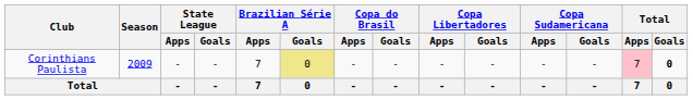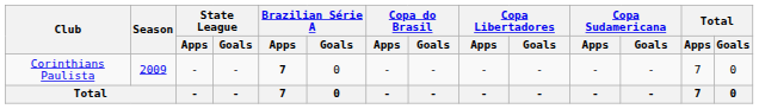 <table class="wikitable" style="text-align: center;">
 <tr>
 <th rowspan="2">Club</th>
 <th rowspan="2">Season</th>
 <th colspan="2">State League</th>
 <th colspan="2"><a href='#'>Brazilian Série A</a></th>
 <th colspan="2"><a href='#'>Copa do Brasil</a></th>
 <th colspan="2"><a href='#'>Copa Libertadores</a></th>
 <th colspan="2"><a href='#'>Copa Sudamericana</a></th>
 <th colspan="2">Total</th>
 </tr>
 <tr>
 <th>Apps</th>
 <th>Goals</th>
 <th>Apps</th>
 <th>Goals</th>
 <th>Apps</th>
 <th>Goals</th>
 <th>Apps</th>
 <th>Goals</th>
 <th>Apps</th>
 <th>Goals</th>
 <th>Apps</th>
 <th>Goals</th>
 </tr>
 <tr>
 <td rowspan="1" valign="center"><a href='#'>Corinthians Paulista</a></td>
 <td><a href='#'>2009</a></td>
 <td>-</td>
 <td>-</td>
-<td>7</td>
-<td style="background: khaki;">0</td>
+<td><strong>7</strong></td>
+<td>0</td>
 <td>-</td>
 <td>-</td>
 <td>-</td>
 <td>-</td>
 <td>-</td>
 <td>-</td>
-<td style="background: pink;">7</td>
-<td><strong>0</strong></td>
+<td>7</td>
+<td>0</td>
 </tr>
 <tr>
 <th colspan="2"><strong>Total</strong></th>
 <th>-</th>
 <th>-</th>
 <th>7</th>
 <th>0</th>
 <th>-</th>
 <th>-</th>
 <th>-</th>
 <th>-</th>
 <th>-</th>
 <th>-</th>
 <th>7</th>
 <th>0</th>
 </tr>
 </table>
